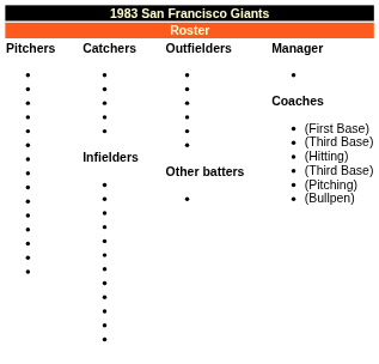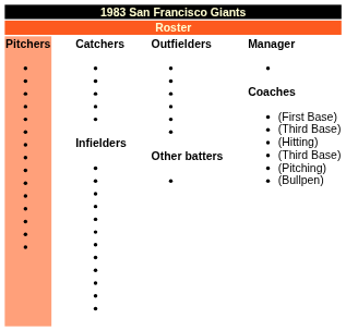 <table class="toccolours" style="font-size: 95%;">
 <tr>
 <th colspan="10" style="background-color: black; color: #FFFDD0; text-align: center;">1983 San Francisco Giants</th>
 </tr>
 <tr>
 <td colspan="10" style="background-color: #fd5a1e; color: #FFFDD0; text-align: center;"><strong>Roster</strong></td>
 </tr>
 <tr>
-<td valign="top"><strong>Pitchers</strong><br><ul><li></li><li></li><li></li><li></li><li></li><li></li><li></li><li></li><li></li><li></li><li></li><li></li><li></li><li></li><li></li></ul></td>
+<td valign="top" style="background: lightsalmon;"><strong>Pitchers</strong><br><ul><li></li><li></li><li></li><li></li><li></li><li></li><li></li><li></li><li></li><li></li><li></li><li></li><li></li><li></li><li></li></ul></td>
 <td width="25px"></td>
 <td valign="top"><strong>Catchers</strong><br><ul><li></li><li></li><li></li><li></li><li></li></ul><strong>Infielders</strong><ul><li></li><li></li><li></li><li></li><li></li><li></li><li></li><li></li><li></li><li></li><li></li><li></li></ul></td>
 <td width="25px"></td>
 <td valign="top"><strong>Outfielders</strong><br><ul><li></li><li></li><li></li><li></li><li></li><li></li></ul><strong>Other batters</strong><ul><li></li></ul></td>
 <td width="25px"></td>
 <td valign="top"><strong>Manager</strong><br><ul><li></li></ul><strong>Coaches</strong><ul><li> (First Base)</li><li> (Third Base)</li><li> (Hitting)</li><li> (Third Base)</li><li> (Pitching)</li><li> (Bullpen)</li></ul></td>
 </tr>
 <tr>
 </tr>
 </table>
